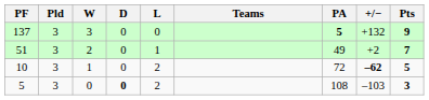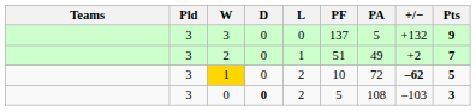 <table class="wikitable" style="text-align: center;">
 <tr>
-<th width="40">PF</th>
+<th width="200">Teams</th>
 <th width="40">Pld</th>
 <th width="40">W</th>
 <th width="40">D</th>
 <th width="40">L</th>
-<th width="200">Teams</th>
+<th width="40">PF</th>
 <th width="40">PA</th>
 <th width="40">+/−</th>
 <th width="40">Pts</th>
 </tr>
 <tr bgcolor=#ccffcc>
-<td>137</td>
+<td align=left></td>
 <td>3</td>
 <td>3</td>
 <td>0</td>
 <td>0</td>
-<td align=left></td>
-<td><strong>5</strong></td>
+<td>137</td>
+<td>5</td>
 <td>+132</td>
 <td><strong>9</strong></td>
 </tr>
 <tr bgcolor=#ccffcc>
-<td>51</td>
+<td align=left></td>
 <td>3</td>
 <td>2</td>
 <td>0</td>
 <td>1</td>
-<td align=left></td>
+<td>51</td>
 <td>49</td>
 <td>+2</td>
 <td><strong>7</strong></td>
 </tr>
 <tr>
-<td>10</td>
+<td align=left></td>
 <td>3</td>
-<td>1</td>
+<td style="background: gold;">1</td>
 <td>0</td>
 <td>2</td>
-<td align=left></td>
+<td>10</td>
 <td>72</td>
 <td><strong>–62</strong></td>
 <td><strong>5</strong></td>
 </tr>
 <tr>
-<td>5</td>
+<td align=left></td>
 <td>3</td>
 <td>0</td>
 <td><strong>0</strong></td>
 <td>2</td>
-<td align=left></td>
+<td>5</td>
 <td>108</td>
 <td>–103</td>
 <td><strong>3</strong></td>
 </tr>
 </table>
